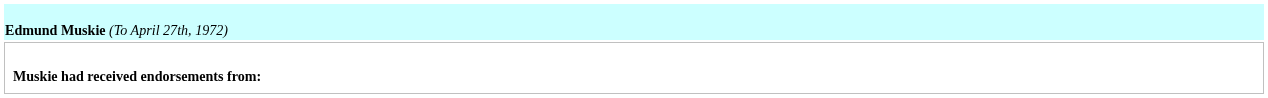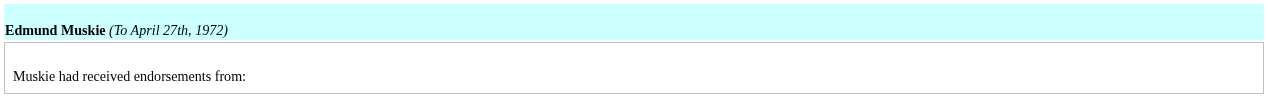 <table class="collapsible collapsed" style="width:100%;font-size:88%;text-align:left; border:0; margin-top:0.2em;">
 <tr>
 <th style="background:#cff; font-weight:normal;"><br><strong>Edmund Muskie</strong> <em>(To April 27th, 1972)</em></th>
 </tr>
 <tr>
-<td style="border:solid 1px silver; padding:8px; background:white;"><strong><br>Muskie had received endorsements from:</strong></td>
+<td style="border:solid 1px silver; padding:8px; background:white;"><br>Muskie had received endorsements from:</td>
 </tr>
 <tr>
 <td style="text-align:center;"></td>
 </tr>
 </table>
